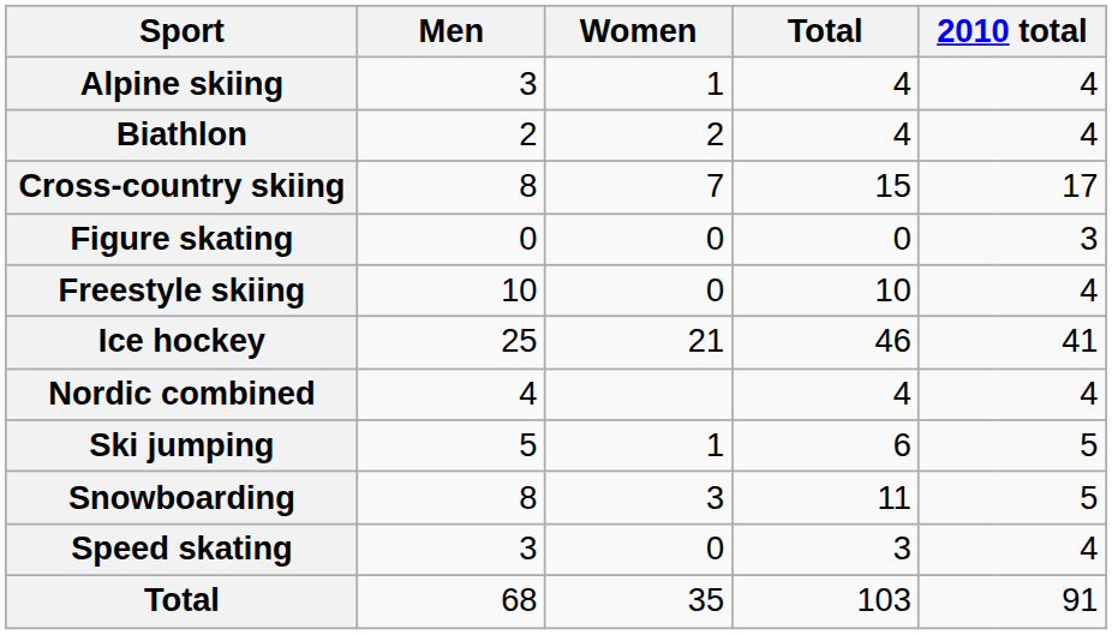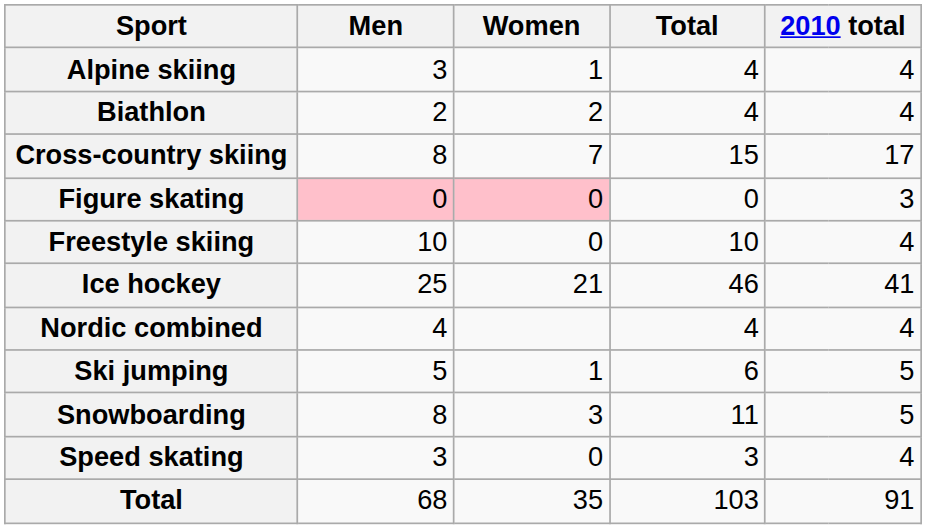 <table border="1" class="wikitable sortable" style="text-align:right;">
 <tr>
 <th>Sport</th>
 <th>Men</th>
 <th>Women</th>
 <th>Total</th>
 <th colspan=2><a href='#'>2010</a> total</th>
 </tr>
 <tr>
 <th>Alpine skiing</th>
 <td width="17%">3</td>
 <td width="17%">1</td>
 <td width="17%">4</td>
 <td width="7%" align="center" style="border-right-width: 0px"></td>
 <td width="10%" style="border-left-width: 0px">4</td>
 </tr>
 <tr>
 <th>Biathlon</th>
 <td>2</td>
 <td>2</td>
 <td>4</td>
 <td align="center" style="border-right-width: 0px"></td>
 <td style="border-left-width: 0px">4</td>
 </tr>
 <tr>
 <th>Cross-country skiing</th>
 <td>8</td>
 <td>7</td>
 <td>15</td>
 <td align="center" style="border-right-width: 0px"></td>
 <td style="border-left-width: 0px">17</td>
 </tr>
 <tr>
 <th>Figure skating</th>
-<td>0</td>
-<td>0</td>
+<td style="background: pink;">0</td>
+<td style="background: pink;">0</td>
 <td>0</td>
 <td align="center" style="border-right-width: 0px"></td>
 <td style="border-left-width: 0px">3</td>
 </tr>
 <tr>
 <th>Freestyle skiing</th>
 <td>10</td>
 <td>0</td>
 <td>10</td>
 <td align="center" style="border-right-width: 0px"></td>
 <td style="border-left-width: 0px">4</td>
 </tr>
 <tr>
 <th>Ice hockey</th>
 <td>25</td>
 <td>21</td>
 <td>46</td>
 <td align="center" style="border-right-width: 0px"></td>
 <td style="border-left-width: 0px">41</td>
 </tr>
 <tr>
 <th>Nordic combined</th>
 <td>4</td>
 <td></td>
 <td>4</td>
 <td align="center" style="border-right-width: 0px"></td>
 <td style="border-left-width: 0px">4</td>
 </tr>
 <tr>
 <th>Ski jumping</th>
 <td>5</td>
 <td>1</td>
 <td>6</td>
 <td align="center" style="border-right-width: 0px"></td>
 <td style="border-left-width: 0px">5</td>
 </tr>
 <tr>
 <th>Snowboarding</th>
 <td>8</td>
 <td>3</td>
 <td>11</td>
 <td align="center" style="border-right-width: 0px"></td>
 <td style="border-left-width: 0px">5</td>
 </tr>
 <tr>
 <th>Speed skating</th>
 <td>3</td>
 <td>0</td>
 <td>3</td>
 <td align="center" style="border-right-width: 0px"></td>
 <td style="border-left-width: 0px">4</td>
 </tr>
 <tr class="sortbottom">
 <th>Total</th>
 <td>68</td>
 <td>35</td>
 <td>103</td>
 <td align="center" style="border-right-width: 0px"></td>
 <td style="border-left-width: 0px">91</td>
 </tr>
 </table>
